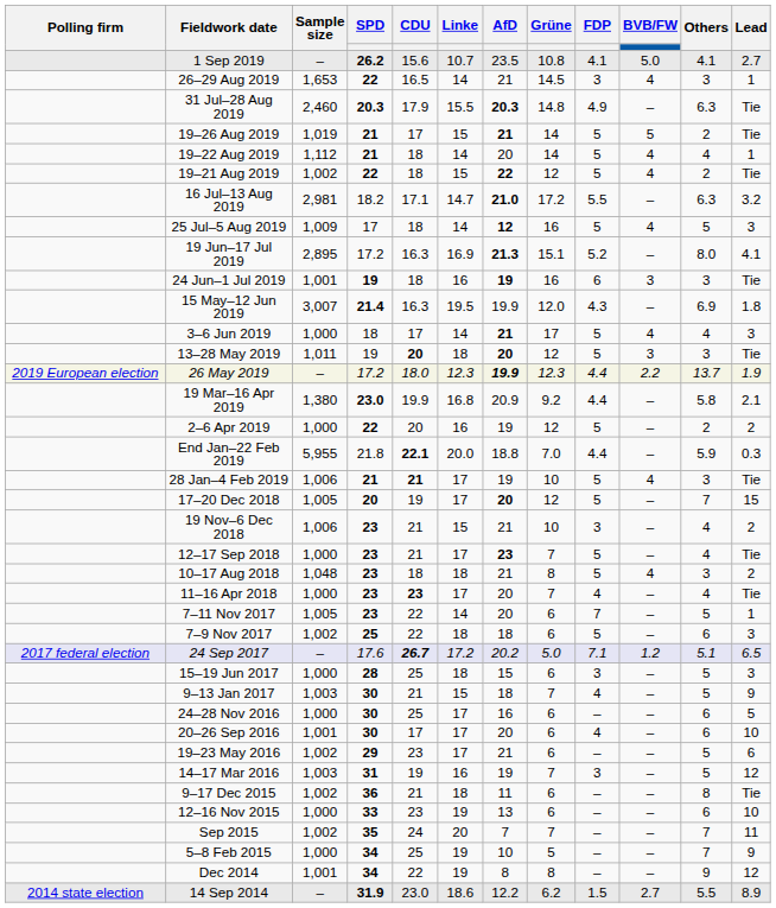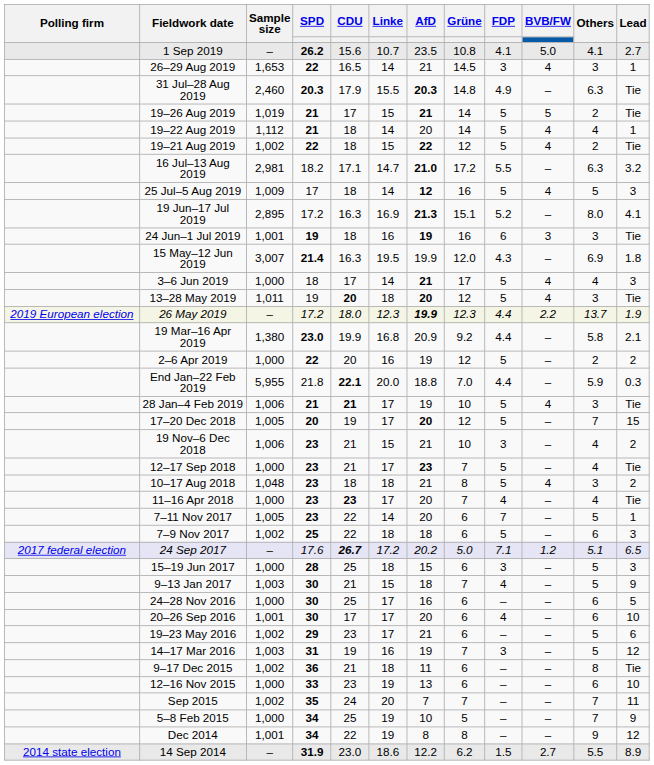 <table class="wikitable sortable" style="text-align:center;font-size:90%;line-height:14px;">
 <tr style="height:40px;">
 <th style="width:160px;" rowspan="2">Polling firm</th>
 <th style="width:125px;" rowspan="2">Fieldwork date</th>
 <th style="width:35px;" rowspan="2">Sample<br>size</th>
 <th class="unsortable" style="width:40px;"><a href='#'>SPD</a></th>
 <th class="unsortable" style="width:40px;"><a href='#'>CDU</a></th>
 <th class="unsortable" style="width:40px;"><a href='#'>Linke</a></th>
 <th class="unsortable" style="width:40px;"><a href='#'>AfD</a></th>
 <th class="unsortable" style="width:40px;"><a href='#'>Grüne</a></th>
 <th class="unsortable" style="width:40px;"><a href='#'>FDP</a></th>
 <th class="unsortable" style="width:40px;"><a href='#'>BVB/FW</a></th>
 <th class="unsortable" style="width:40px;" rowspan="2">Others</th>
 <th style="width:30px;" rowspan="2">Lead</th>
 </tr>
 <tr>
 <th style="background:"></th>
 <th style="background:"></th>
 <th style="background:"></th>
 <th style="background:"></th>
 <th style="background:"></th>
 <th style="background:"></th>
 <th style="background:#0559A6;"></th>
 </tr>
 <tr style="background:#E9E9E9;">
 <td></td>
 <td data-sort-value="2019-09-01">1 Sep 2019</td>
 <td>–</td>
 <td><strong>26.2</strong></td>
 <td>15.6</td>
 <td>10.7</td>
 <td>23.5</td>
 <td>10.8</td>
 <td>4.1</td>
 <td>5.0</td>
 <td>4.1</td>
 <td style="background:">2.7</td>
 </tr>
 <tr>
 <td></td>
 <td data-sort-value="2019-08-29">26–29 Aug 2019</td>
 <td>1,653</td>
 <td><strong>22</strong></td>
 <td>16.5</td>
 <td>14</td>
 <td>21</td>
 <td>14.5</td>
 <td>3</td>
 <td>4</td>
 <td>3</td>
 <td style="background:">1</td>
 </tr>
 <tr>
 <td></td>
 <td data-sort-value="2019-08-28">31 Jul–28 Aug 2019</td>
 <td>2,460</td>
 <td><strong>20.3</strong></td>
 <td>17.9</td>
 <td>15.5</td>
 <td><strong>20.3</strong></td>
 <td>14.8</td>
 <td>4.9</td>
 <td>–</td>
 <td>6.3</td>
 <td data-sort-value="0">Tie</td>
 </tr>
 <tr>
 <td></td>
 <td data-sort-value="2019-08-26">19–26 Aug 2019</td>
 <td>1,019</td>
 <td><strong>21</strong></td>
 <td>17</td>
 <td>15</td>
 <td><strong>21</strong></td>
 <td>14</td>
 <td>5</td>
 <td>5</td>
 <td>2</td>
 <td data-sort-value="0">Tie</td>
 </tr>
 <tr>
 <td></td>
 <td data-sort-value="2019-08-22">19–22 Aug 2019</td>
 <td>1,112</td>
 <td><strong>21</strong></td>
 <td>18</td>
 <td>14</td>
 <td>20</td>
 <td>14</td>
 <td>5</td>
 <td>4</td>
 <td>4</td>
 <td style="background:">1</td>
 </tr>
 <tr>
 <td></td>
 <td data-sort-value="2019-08-21">19–21 Aug 2019</td>
 <td>1,002</td>
 <td><strong>22</strong></td>
 <td>18</td>
 <td>15</td>
 <td><strong>22</strong></td>
 <td>12</td>
 <td>5</td>
 <td>4</td>
 <td>2</td>
 <td data-sort-value="0">Tie</td>
 </tr>
 <tr>
 <td></td>
 <td data-sort-value="2019-08-13">16 Jul–13 Aug 2019</td>
 <td>2,981</td>
 <td>18.2</td>
 <td>17.1</td>
 <td>14.7</td>
 <td><strong>21.0</strong></td>
 <td>17.2</td>
 <td>5.5</td>
 <td>–</td>
 <td>6.3</td>
 <td style="background:">3.2</td>
 </tr>
 <tr>
 <td></td>
 <td data-sort-value="2019-07-17">25 Jul–5 Aug 2019</td>
 <td>1,009</td>
 <td>17</td>
 <td>18</td>
 <td>14</td>
 <td><strong>12</strong></td>
 <td>16</td>
 <td>5</td>
 <td>4</td>
 <td>5</td>
 <td style="background:">3</td>
 </tr>
 <tr>
 <td></td>
 <td data-sort-value="2019-07-17">19 Jun–17 Jul 2019</td>
 <td>2,895</td>
 <td>17.2</td>
 <td>16.3</td>
 <td>16.9</td>
 <td><strong>21.3</strong></td>
 <td>15.1</td>
 <td>5.2</td>
 <td>–</td>
 <td>8.0</td>
 <td style="background:">4.1</td>
 </tr>
 <tr>
 <td></td>
 <td data-sort-value="2019-07-01">24 Jun–1 Jul 2019</td>
 <td>1,001</td>
 <td><strong>19</strong></td>
 <td>18</td>
 <td>16</td>
 <td><strong>19</strong></td>
 <td>16</td>
 <td>6</td>
 <td>3</td>
 <td>3</td>
 <td data-sort-value="0">Tie</td>
 </tr>
 <tr>
 <td></td>
 <td data-sort-value="2019-06-12">15 May–12 Jun 2019</td>
 <td>3,007</td>
 <td><strong>21.4</strong></td>
 <td>16.3</td>
 <td>19.5</td>
 <td>19.9</td>
 <td>12.0</td>
 <td>4.3</td>
 <td>–</td>
 <td>6.9</td>
 <td style="background:">1.8</td>
 </tr>
 <tr>
 <td></td>
 <td data-sort-value="2019-06-06">3–6 Jun 2019</td>
 <td>1,000</td>
 <td>18</td>
 <td>17</td>
 <td>14</td>
 <td><strong>21</strong></td>
 <td>17</td>
 <td>5</td>
 <td>4</td>
 <td>4</td>
 <td style="background:">3</td>
 </tr>
 <tr>
 <td></td>
 <td data-sort-value="2019-05-28">13–28 May 2019</td>
 <td>1,011</td>
 <td>19</td>
 <td><strong>20</strong></td>
 <td>18</td>
 <td><strong>20</strong></td>
 <td>12</td>
 <td>5</td>
-<td>3</td>
+<td>4</td>
 <td>3</td>
 <td data-sort-value="0">Tie</td>
 </tr>
 <tr style="background:#F5F5E5;font-style:italic;">
 <td><a href='#'>2019 European election</a></td>
 <td data-sort-value="2019-05-26">26 May 2019</td>
 <td>–</td>
 <td>17.2</td>
 <td>18.0</td>
 <td>12.3</td>
 <td><strong>19.9</strong></td>
 <td>12.3</td>
 <td>4.4</td>
 <td>2.2</td>
 <td>13.7</td>
 <td style="background:">1.9</td>
 </tr>
 <tr>
 <td></td>
 <td data-sort-value="2019-04-16">19 Mar–16 Apr 2019</td>
 <td>1,380</td>
 <td><strong>23.0</strong></td>
 <td>19.9</td>
 <td>16.8</td>
 <td>20.9</td>
 <td>9.2</td>
 <td>4.4</td>
 <td>–</td>
 <td>5.8</td>
 <td style="background:">2.1</td>
 </tr>
 <tr>
 <td></td>
 <td data-sort-value="2019-04-06">2–6 Apr 2019</td>
 <td>1,000</td>
 <td><strong>22</strong></td>
 <td>20</td>
 <td>16</td>
 <td>19</td>
 <td>12</td>
 <td>5</td>
 <td>–</td>
 <td>2</td>
 <td style="background:">2</td>
 </tr>
 <tr>
 <td></td>
 <td data-sort-value="2019-02-22">End Jan–22 Feb 2019</td>
 <td>5,955</td>
 <td>21.8</td>
 <td><strong>22.1</strong></td>
 <td>20.0</td>
 <td>18.8</td>
 <td>7.0</td>
 <td>4.4</td>
 <td>–</td>
 <td>5.9</td>
 <td style="background:">0.3</td>
 </tr>
 <tr>
 <td></td>
 <td data-sort-value="2019-02-04">28 Jan–4 Feb 2019</td>
 <td>1,006</td>
 <td><strong>21</strong></td>
 <td><strong>21</strong></td>
 <td>17</td>
 <td>19</td>
 <td>10</td>
 <td>5</td>
 <td>4</td>
 <td>3</td>
 <td data-sort-value="0">Tie</td>
 </tr>
 <tr>
 <td></td>
 <td data-sort-value="2018-12-20">17–20 Dec 2018</td>
 <td>1,005</td>
 <td><strong>20</strong></td>
 <td>19</td>
 <td>17</td>
 <td><strong>20</strong></td>
 <td>12</td>
 <td>5</td>
 <td>–</td>
 <td>7</td>
 <td style="background:">15</td>
 </tr>
 <tr>
 <td></td>
 <td data-sort-value="2018-12-06">19 Nov–6 Dec 2018</td>
 <td>1,006</td>
 <td><strong>23</strong></td>
 <td>21</td>
 <td>15</td>
 <td>21</td>
 <td>10</td>
 <td>3</td>
 <td>–</td>
 <td>4</td>
 <td style="background:">2</td>
 </tr>
 <tr>
 <td></td>
 <td data-sort-value="2018-09-17">12–17 Sep 2018</td>
 <td>1,000</td>
 <td><strong>23</strong></td>
 <td>21</td>
 <td>17</td>
 <td><strong>23</strong></td>
 <td>7</td>
 <td>5</td>
 <td>–</td>
 <td>4</td>
 <td data-sort-value="0">Tie</td>
 </tr>
 <tr>
 <td></td>
 <td data-sort-value="2018-08-17">10–17 Aug 2018</td>
 <td>1,048</td>
 <td><strong>23</strong></td>
 <td>18</td>
 <td>18</td>
 <td>21</td>
 <td>8</td>
 <td>5</td>
 <td>4</td>
 <td>3</td>
 <td style="background:">2</td>
 </tr>
 <tr>
 <td></td>
 <td data-sort-value="2018-04-16">11–16 Apr 2018</td>
 <td>1,000</td>
 <td><strong>23</strong></td>
 <td><strong>23</strong></td>
 <td>17</td>
 <td>20</td>
 <td>7</td>
 <td>4</td>
 <td>–</td>
 <td>4</td>
 <td data-sort-value="0">Tie</td>
 </tr>
 <tr>
 <td></td>
 <td data-sort-value="2017-11-11">7–11 Nov 2017</td>
 <td>1,005</td>
 <td><strong>23</strong></td>
 <td>22</td>
 <td>14</td>
 <td>20</td>
 <td>6</td>
 <td>7</td>
 <td>–</td>
 <td>5</td>
 <td style="background:">1</td>
 </tr>
 <tr>
 <td></td>
 <td data-sort-value="2017-11-09">7–9 Nov 2017</td>
 <td>1,002</td>
 <td><strong>25</strong></td>
 <td>22</td>
 <td>18</td>
 <td>18</td>
 <td>6</td>
 <td>5</td>
 <td>–</td>
 <td>6</td>
 <td style="background:">3</td>
 </tr>
 <tr style="background:#E5E5F5;font-style:italic;">
 <td><a href='#'>2017 federal election</a></td>
 <td data-sort-value="2017-09-24">24 Sep 2017</td>
 <td>–</td>
 <td>17.6</td>
 <td><strong>26.7</strong></td>
 <td>17.2</td>
 <td>20.2</td>
 <td>5.0</td>
 <td>7.1</td>
 <td>1.2</td>
 <td>5.1</td>
 <td style="background:">6.5</td>
 </tr>
 <tr>
 <td></td>
 <td data-sort-value="2017-06-19">15–19 Jun 2017</td>
 <td>1,000</td>
 <td><strong>28</strong></td>
 <td>25</td>
 <td>18</td>
 <td>15</td>
 <td>6</td>
 <td>3</td>
 <td>–</td>
 <td>5</td>
 <td style="background:">3</td>
 </tr>
 <tr>
 <td></td>
 <td data-sort-value="2017-01-13">9–13 Jan 2017</td>
 <td>1,003</td>
 <td><strong>30</strong></td>
 <td>21</td>
 <td>15</td>
 <td>18</td>
 <td>7</td>
 <td>4</td>
 <td>–</td>
 <td>5</td>
 <td style="background:">9</td>
 </tr>
 <tr>
 <td></td>
 <td data-sort-value="2016-11-28">24–28 Nov 2016</td>
 <td>1,000</td>
 <td><strong>30</strong></td>
 <td>25</td>
 <td>17</td>
 <td>16</td>
 <td>6</td>
 <td>–</td>
 <td>–</td>
 <td>6</td>
 <td style="background:">5</td>
 </tr>
 <tr>
 <td></td>
 <td data-sort-value="2016-09-26">20–26 Sep 2016</td>
 <td>1,001</td>
 <td><strong>30</strong></td>
 <td>17</td>
 <td>17</td>
 <td>20</td>
 <td>6</td>
 <td>4</td>
 <td>–</td>
 <td>6</td>
 <td style="background:">10</td>
 </tr>
 <tr>
 <td></td>
 <td data-sort-value="2016-05-23">19–23 May 2016</td>
 <td>1,002</td>
 <td><strong>29</strong></td>
 <td>23</td>
 <td>17</td>
 <td>21</td>
 <td>6</td>
 <td>–</td>
 <td>–</td>
 <td>5</td>
 <td style="background:">6</td>
 </tr>
 <tr>
 <td></td>
 <td data-sort-value="2016-03-17">14–17 Mar 2016</td>
 <td>1,003</td>
 <td><strong>31</strong></td>
 <td>19</td>
 <td>16</td>
 <td>19</td>
 <td>7</td>
 <td>3</td>
 <td>–</td>
 <td>5</td>
 <td style="background:">12</td>
 </tr>
 <tr>
 <td></td>
 <td data-sort-value="2015-12-17">9–17 Dec 2015</td>
 <td>1,002</td>
 <td><strong>36</strong></td>
 <td>21</td>
 <td>18</td>
 <td>11</td>
 <td>6</td>
 <td>–</td>
 <td>–</td>
 <td>8</td>
 <td data-sort-value="0">Tie</td>
 </tr>
 <tr>
 <td></td>
 <td data-sort-value="2015-11-16">12–16 Nov 2015</td>
 <td>1,000</td>
 <td><strong>33</strong></td>
 <td>23</td>
 <td>19</td>
 <td>13</td>
 <td>6</td>
 <td>–</td>
 <td>–</td>
 <td>6</td>
 <td style="background:">10</td>
 </tr>
 <tr>
 <td></td>
 <td data-sort-value="2015-09">Sep 2015</td>
 <td>1,002</td>
 <td><strong>35</strong></td>
 <td>24</td>
 <td>20</td>
 <td>7</td>
 <td>7</td>
 <td>–</td>
 <td>–</td>
 <td>7</td>
 <td style="background:">11</td>
 </tr>
 <tr>
 <td></td>
 <td data-sort-value="2015-02-08">5–8 Feb 2015</td>
 <td>1,000</td>
 <td><strong>34</strong></td>
 <td>25</td>
 <td>19</td>
 <td>10</td>
 <td>5</td>
 <td>–</td>
 <td>–</td>
 <td>7</td>
 <td style="background:">9</td>
 </tr>
 <tr>
 <td></td>
 <td data-sort-value="2014-12">Dec 2014</td>
 <td>1,001</td>
 <td><strong>34</strong></td>
 <td>22</td>
 <td>19</td>
 <td>8</td>
 <td>8</td>
 <td>–</td>
 <td>–</td>
 <td>9</td>
 <td style="background:">12</td>
 </tr>
 <tr style="background:#E9E9E9;">
 <td><a href='#'>2014 state election</a></td>
 <td data-sort-value="2014-09-14">14 Sep 2014</td>
 <td>–</td>
 <td><strong>31.9</strong></td>
 <td>23.0</td>
 <td>18.6</td>
 <td>12.2</td>
 <td>6.2</td>
 <td>1.5</td>
 <td>2.7</td>
 <td>5.5</td>
 <td style="background:">8.9</td>
 </tr>
 </table>
